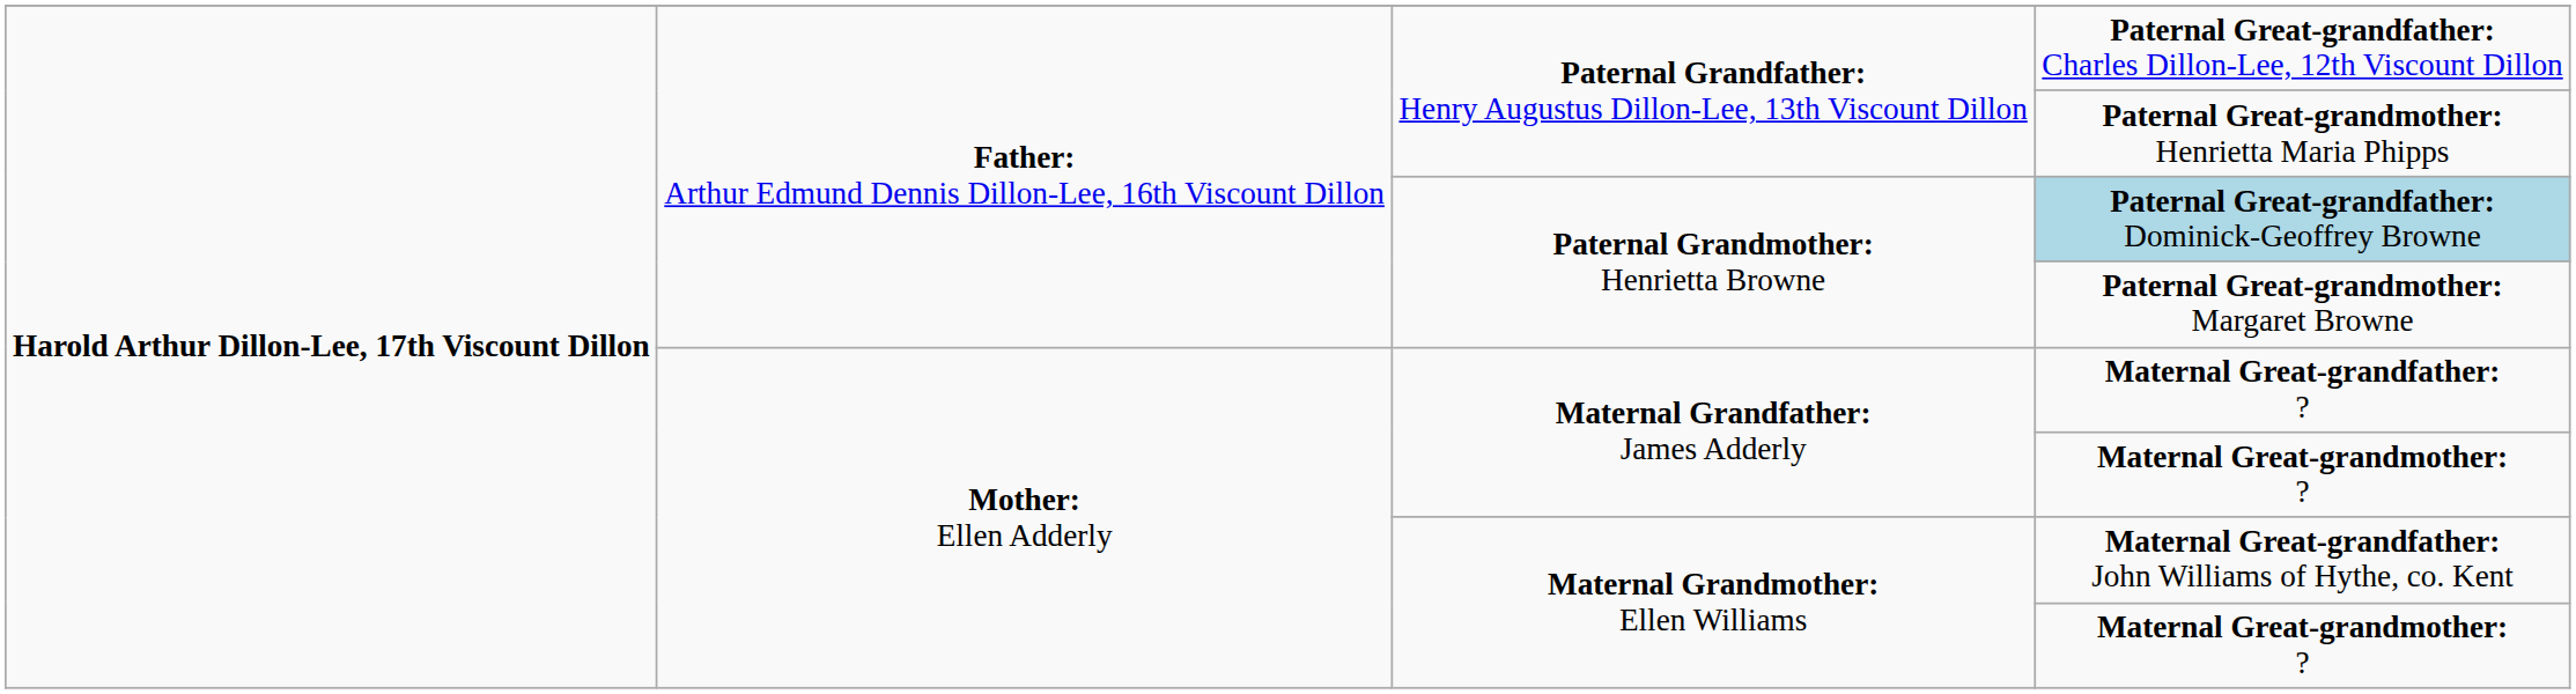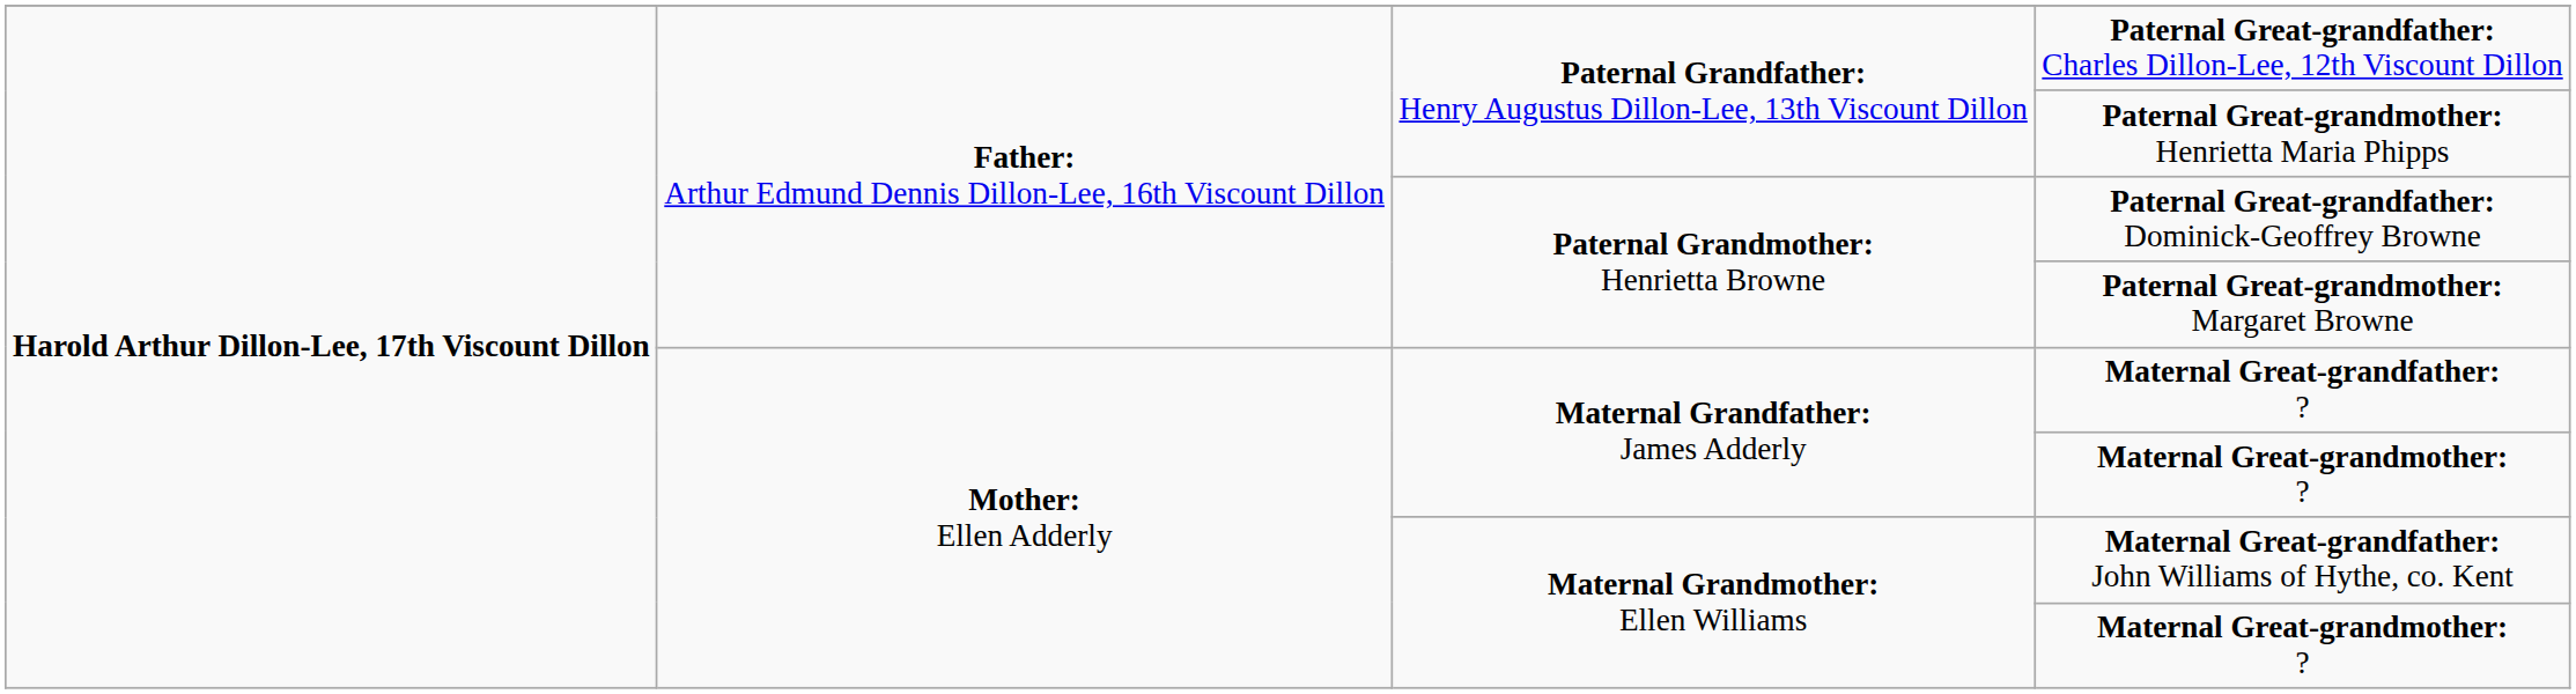 <table class="wikitable">
 <tr>
 </tr>
 <tr>
 <td rowspan="8" align="center"><strong>Harold Arthur Dillon-Lee, 17th Viscount Dillon</strong></td>
 <td rowspan="4" align="center"><strong>Father:</strong><br><a href='#'>Arthur Edmund Dennis Dillon-Lee, 16th Viscount Dillon</a></td>
 <td rowspan="2" align="center"><strong>Paternal Grandfather:</strong><br><a href='#'>Henry Augustus Dillon-Lee, 13th Viscount Dillon</a></td>
 <td align="center"><strong>Paternal Great-grandfather:</strong><br><a href='#'>Charles Dillon-Lee, 12th Viscount Dillon</a></td>
 </tr>
 <tr>
 <td align="center"><strong>Paternal Great-grandmother:</strong><br>Henrietta Maria Phipps</td>
 </tr>
 <tr>
 <td rowspan="2" align="center"><strong>Paternal Grandmother:</strong><br>Henrietta Browne</td>
-<td align="center" style="background: lightblue;"><strong>Paternal Great-grandfather:</strong><br>Dominick-Geoffrey Browne</td>
+<td align="center"><strong>Paternal Great-grandfather:</strong><br>Dominick-Geoffrey Browne</td>
 </tr>
 <tr>
 <td align="center"><strong>Paternal Great-grandmother:</strong><br>Margaret Browne</td>
 </tr>
 <tr>
 <td rowspan="4" align="center"><strong>Mother:</strong><br>Ellen Adderly</td>
 <td rowspan="2" align="center"><strong>Maternal Grandfather:</strong><br>James Adderly</td>
 <td align="center"><strong>Maternal Great-grandfather:</strong><br>?</td>
 </tr>
 <tr>
 <td align="center"><strong>Maternal Great-grandmother:</strong><br>?</td>
 </tr>
 <tr>
 <td rowspan="2" align="center"><strong>Maternal Grandmother:</strong><br>Ellen Williams</td>
 <td align="center"><strong>Maternal Great-grandfather:</strong><br>John Williams of Hythe, co. Kent</td>
 </tr>
 <tr>
 <td align="center"><strong>Maternal Great-grandmother:</strong><br>?</td>
 </tr>
 </table>
